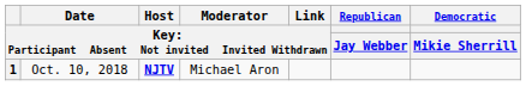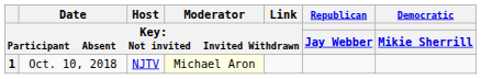 <table class="wikitable" style="text-align:center;">
 <tr>
 <th scope="col"></th>
 <th scope="col">Date</th>
 <th scope="col">Host</th>
 <th scope="col">Moderator</th>
 <th scope="col">Link</th>
 <th scope="col"><small><a href='#'>Republican</a></small></th>
 <th scope="col"><small><a href='#'>Democratic</a></small></th>
 </tr>
 <tr>
 <th colspan="5" rowspan="2">Key:<br> <small>Participant </small>  <small>Absent </small>  <small>Not invited </small>  <small>Invited  Withdrawn</small></th>
 <th scope="col" style="background:"></th>
 <th scope="col" style="background:"></th>
 </tr>
 <tr>
 <th scope="col"><a href='#'>Jay Webber</a></th>
 <th scope="col"><a href='#'>Mikie Sherrill</a></th>
 </tr>
 <tr>
 <th>1</th>
 <td style="white-space:nowrap;">Oct. 10, 2018</td>
-<td style="white-space:nowrap;"><strong><a href='#'>NJTV</a></strong></td>
-<td style="white-space:nowrap;">Michael Aron</td>
+<td style="white-space:nowrap;"><a href='#'>NJTV</a></td>
+<td style="background: lightyellow; white-space:nowrap;">Michael Aron</td>
 <td style="white-space:nowrap;"></td>
 <td></td>
 <td></td>
 </tr>
 </table>
